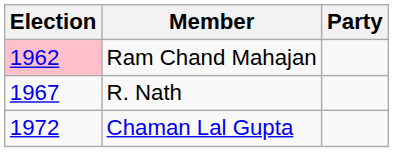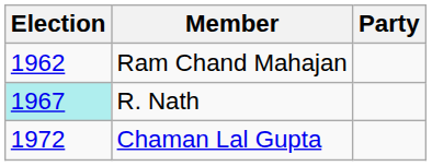 <table class="wikitable sortable">
 <tr>
 <th>Election</th>
 <th>Member</th>
 <th colspan=2>Party</th>
 </tr>
 <tr>
-<td style="background: pink;"><a href='#'>1962</a></td>
+<td><a href='#'>1962</a></td>
 <td>Ram Chand Mahajan</td>
 <td></td>
 </tr>
 <tr>
-<td><a href='#'>1967</a></td>
+<td style="background: paleturquoise;"><a href='#'>1967</a></td>
 <td>R. Nath</td>
 <td></td>
 </tr>
 <tr>
 <td><a href='#'>1972</a></td>
 <td><a href='#'>Chaman Lal Gupta</a></td>
 </tr>
 </table>
